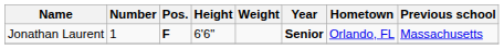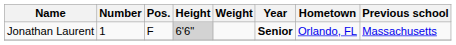 <table class="wikitable sortable" border="1">
 <tr>
 <th>Name</th>
 <th>Number</th>
 <th>Pos.</th>
 <th>Height</th>
 <th>Weight</th>
 <th>Year</th>
 <th>Hometown</th>
 <th class="unsortable">Previous school</th>
 </tr>
 <tr>
 <td>Jonathan Laurent</td>
 <td>1</td>
-<td><strong>F</strong></td>
-<td>6'6"</td>
+<td>F</td>
+<td style="background: lightgrey;">6'6"</td>
 <td></td>
 <td><strong>Senior</strong></td>
 <td><a href='#'>Orlando, FL</a></td>
 <td><a href='#'>Massachusetts</a></td>
 </tr>
 <tr>
 </tr>
 </table>
